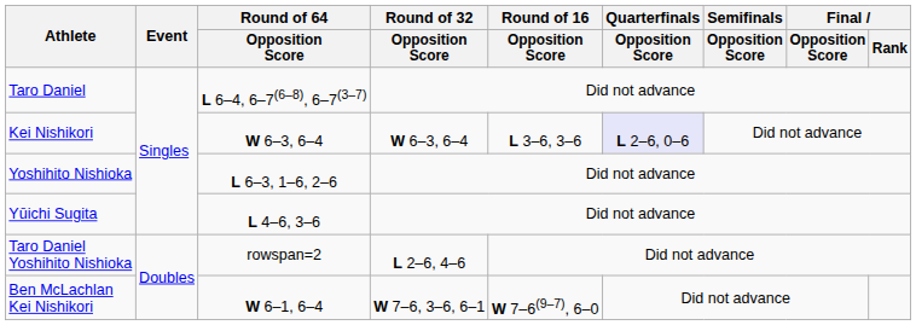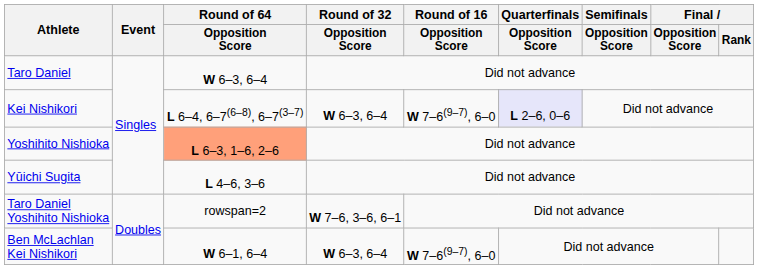 <table class=wikitable style="text-align:center; font-size:90%">
 <tr>
 <th rowspan="2">Athlete</th>
 <th rowspan="2">Event</th>
 <th>Round of 64</th>
 <th>Round of 32</th>
 <th>Round of 16</th>
 <th>Quarterfinals</th>
 <th>Semifinals</th>
 <th colspan=2>Final / </th>
 </tr>
 <tr style="font-size:95%">
 <th>Opposition<br>Score</th>
 <th>Opposition<br>Score</th>
 <th>Opposition<br>Score</th>
 <th>Opposition<br>Score</th>
 <th>Opposition<br>Score</th>
 <th>Opposition<br>Score</th>
 <th>Rank</th>
 </tr>
 <tr>
 <td align=left><a href='#'>Taro Daniel</a></td>
 <td rowspan="4" align="left"><a href='#'>Singles</a></td>
-<td><br> <strong>L</strong> 6–4, 6–7<sup>(6–8)</sup>, 6–7<sup>(3–7)</sup></td>
+<td><br><strong>W</strong> 6–3, 6–4</td>
 <td colspan=6>Did not advance</td>
 </tr>
 <tr>
 <td align=left><a href='#'>Kei Nishikori</a></td>
-<td><br><strong>W</strong> 6–3, 6–4</td>
+<td><br> <strong>L</strong> 6–4, 6–7<sup>(6–8)</sup>, 6–7<sup>(3–7)</sup></td>
 <td><br> <strong>W</strong> 6–3, 6–4</td>
-<td><br><strong>L</strong> 3–6, 3–6</td>
+<td><br><strong>W</strong> 7–6<sup>(9–7)</sup>, 6–0</td>
 <td style="background: lavender;"><br><strong>L</strong> 2–6, 0–6</td>
 <td colspan=3>Did not advance</td>
 </tr>
 <tr>
 <td align=left><a href='#'>Yoshihito Nishioka</a></td>
-<td><br><strong>L</strong> 6–3, 1–6, 2–6</td>
+<td style="background: lightsalmon;"><br><strong>L</strong> 6–3, 1–6, 2–6</td>
 <td colspan=6>Did not advance</td>
 </tr>
 <tr>
 <td align=left><a href='#'>Yūichi Sugita</a></td>
 <td><br> <strong>L</strong> 4–6, 3–6</td>
 <td colspan=6>Did not advance</td>
 </tr>
 <tr>
 <td align="left"><a href='#'>Taro Daniel</a><br><a href='#'>Yoshihito Nishioka</a></td>
 <td align=left rowspan=2><a href='#'>Doubles</a></td>
 <td>rowspan=2 </td>
-<td><br><strong>L</strong> 2–6, 4–6</td>
+<td><br><strong>W</strong> 7–6, 3–6, 6–1</td>
 <td colspan=5>Did not advance</td>
 </tr>
 <tr>
 <td align="left"><a href='#'>Ben McLachlan</a><br><a href='#'>Kei Nishikori</a></td>
 <td><br> <strong>W</strong> 6–1, 6–4</td>
-<td><br><strong>W</strong> 7–6, 3–6, 6–1</td>
+<td><br> <strong>W</strong> 6–3, 6–4</td>
 <td><br><strong>W</strong> 7–6<sup>(9–7)</sup>, 6–0</td>
 <td colspan=3>Did not advance</td>
 </tr>
 </table>
